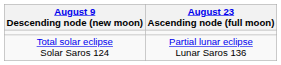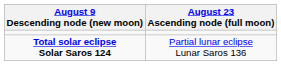 <table class="wikitable">
 <tr>
 <th><a href='#'>August 9</a><br>Descending node (new moon)<br></th>
 <th><a href='#'>August 23</a><br>Ascending node (full moon)<br></th>
 </tr>
 <tr>
 <td></td>
 <td></td>
 </tr>
 <tr align=center>
-<td><a href='#'>Total solar eclipse</a><br>Solar Saros 124</td>
+<td><strong><a href='#'>Total solar eclipse</a><br>Solar Saros 124</strong></td>
 <td><a href='#'>Partial lunar eclipse</a><br>Lunar Saros 136</td>
 </tr>
 </table>
